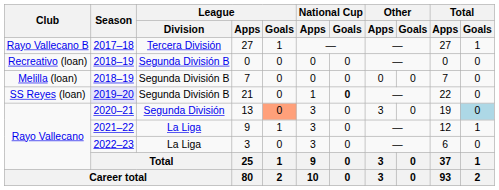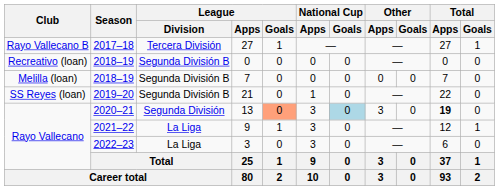 <table class="wikitable" style="text-align:center">
 <tr>
 <th rowspan="2">Club</th>
 <th rowspan="2">Season</th>
 <th colspan="3">League</th>
 <th colspan="2">National Cup</th>
 <th colspan="2">Other</th>
 <th colspan="2">Total</th>
 </tr>
 <tr>
 <th>Division</th>
 <th>Apps</th>
 <th>Goals</th>
 <th>Apps</th>
 <th>Goals</th>
 <th>Apps</th>
 <th>Goals</th>
 <th>Apps</th>
 <th>Goals</th>
 </tr>
 <tr>
 <td><a href='#'>Rayo Vallecano B</a></td>
 <td><a href='#'>2017–18</a></td>
 <td><a href='#'>Tercera División</a></td>
 <td>27</td>
 <td>1</td>
 <td colspan="2">—</td>
 <td colspan="2">—</td>
 <td>27</td>
 <td>1</td>
 </tr>
 <tr>
 <td><a href='#'>Recreativo</a> (loan)</td>
 <td><a href='#'>2018–19</a></td>
 <td><a href='#'>Segunda División B</a></td>
 <td>0</td>
 <td>0</td>
 <td>0</td>
 <td>0</td>
 <td colspan="2">—</td>
 <td>0</td>
 <td>0</td>
 </tr>
 <tr>
 <td><a href='#'>Melilla</a> (loan)</td>
 <td><a href='#'>2018–19</a></td>
 <td>Segunda División B</td>
 <td>7</td>
 <td>0</td>
 <td>0</td>
 <td>0</td>
 <td>0</td>
 <td>0</td>
 <td>7</td>
 <td>0</td>
 </tr>
 <tr>
 <td><a href='#'>SS Reyes</a> (loan)</td>
-<td style="background: lavender;"><a href='#'>2019–20</a></td>
+<td><a href='#'>2019–20</a></td>
 <td>Segunda División B</td>
 <td>21</td>
 <td>0</td>
 <td>1</td>
-<td><strong>0</strong></td>
+<td>0</td>
 <td colspan="2">—</td>
 <td>22</td>
 <td>0</td>
 </tr>
 <tr>
 <td rowspan="4"><a href='#'>Rayo Vallecano</a></td>
 <td><a href='#'>2020–21</a></td>
 <td><a href='#'>Segunda División</a></td>
 <td>13</td>
 <td style="background: lightsalmon;">0</td>
 <td>3</td>
-<td>0</td>
+<td style="background: lightblue;">0</td>
 <td>3</td>
 <td>0</td>
-<td>19</td>
-<td style="background: lightblue;">0</td>
+<td><strong>19</strong></td>
+<td>0</td>
 </tr>
 <tr>
 <td><a href='#'>2021–22</a></td>
 <td><a href='#'>La Liga</a></td>
 <td>9</td>
 <td>1</td>
 <td>3</td>
 <td>0</td>
 <td colspan="2">—</td>
 <td>12</td>
 <td>1</td>
 </tr>
 <tr>
 <td><a href='#'>2022–23</a></td>
 <td>La Liga</td>
 <td>3</td>
 <td>0</td>
 <td>3</td>
 <td>0</td>
 <td colspan="2">—</td>
 <td>6</td>
 <td>0</td>
 </tr>
 <tr>
 <th colspan="2">Total</th>
 <th>25</th>
 <th>1</th>
 <th>9</th>
 <th>0</th>
 <th>3</th>
 <th>0</th>
 <th>37</th>
 <th>1</th>
 </tr>
 <tr>
 <th colspan="3">Career total</th>
 <th>80</th>
 <th>2</th>
 <th>10</th>
 <th>0</th>
 <th>3</th>
 <th>0</th>
 <th>93</th>
 <th>2</th>
 </tr>
 </table>
